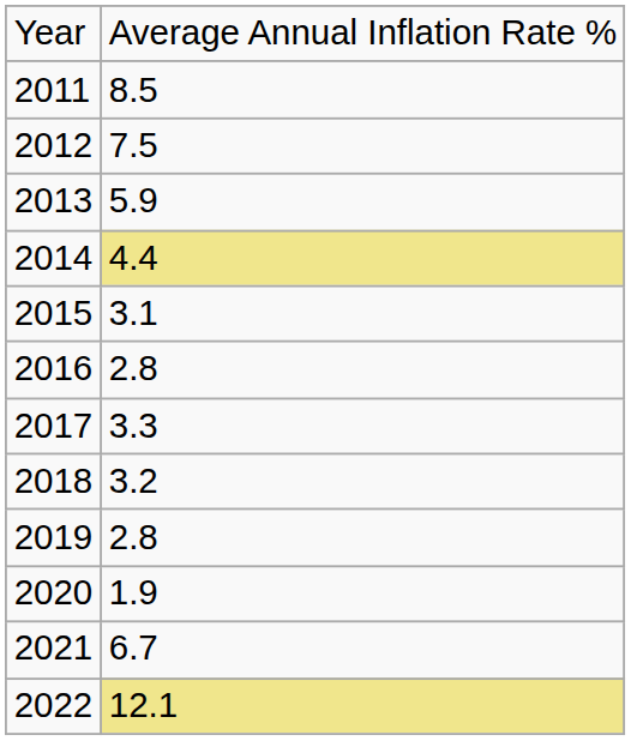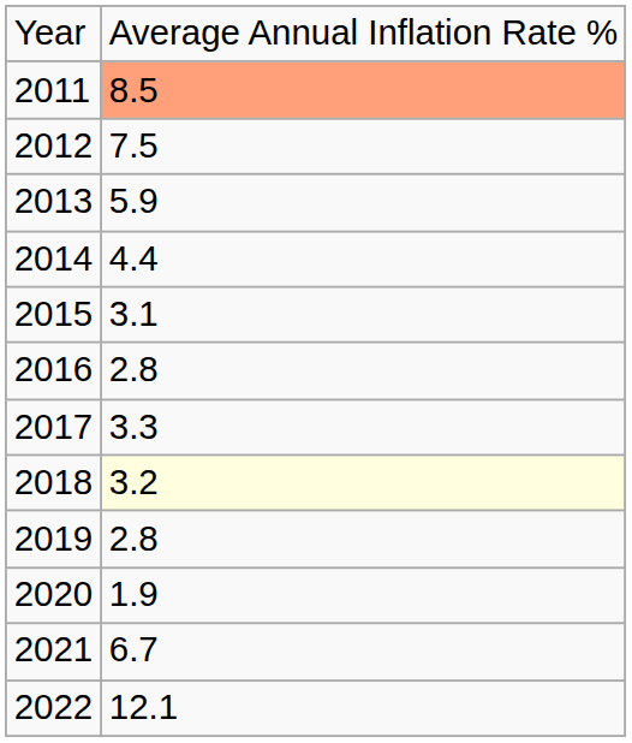 <table class="wikitable">
 <tr>
 <td>Year</td>
 <td>Average  Annual Inflation Rate %</td>
 </tr>
 <tr>
 <td>2011</td>
-<td>8.5</td>
+<td style="background: lightsalmon;">8.5</td>
 </tr>
 <tr>
 <td>2012</td>
 <td>7.5</td>
 </tr>
 <tr>
 <td>2013</td>
 <td>5.9</td>
 </tr>
 <tr>
 <td>2014</td>
-<td style="background: khaki;">4.4</td>
+<td>4.4</td>
 </tr>
 <tr>
 <td>2015</td>
 <td>3.1</td>
 </tr>
 <tr>
 <td>2016</td>
 <td>2.8</td>
 </tr>
 <tr>
 <td>2017</td>
 <td>3.3</td>
 </tr>
 <tr>
 <td>2018</td>
-<td>3.2</td>
+<td style="background: lightyellow;">3.2</td>
 </tr>
 <tr>
 <td>2019</td>
 <td>2.8</td>
 </tr>
 <tr>
 <td>2020</td>
 <td>1.9</td>
 </tr>
 <tr>
 <td>2021</td>
 <td>6.7</td>
 </tr>
 <tr>
 <td>2022</td>
-<td style="background: khaki;">12.1</td>
+<td>12.1</td>
 </tr>
 </table>
